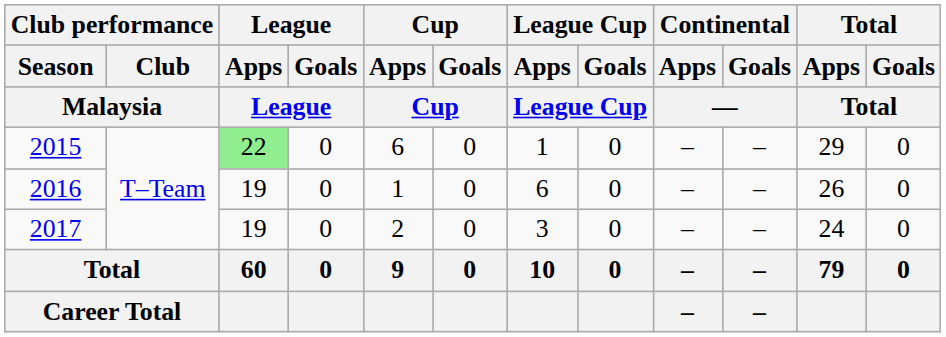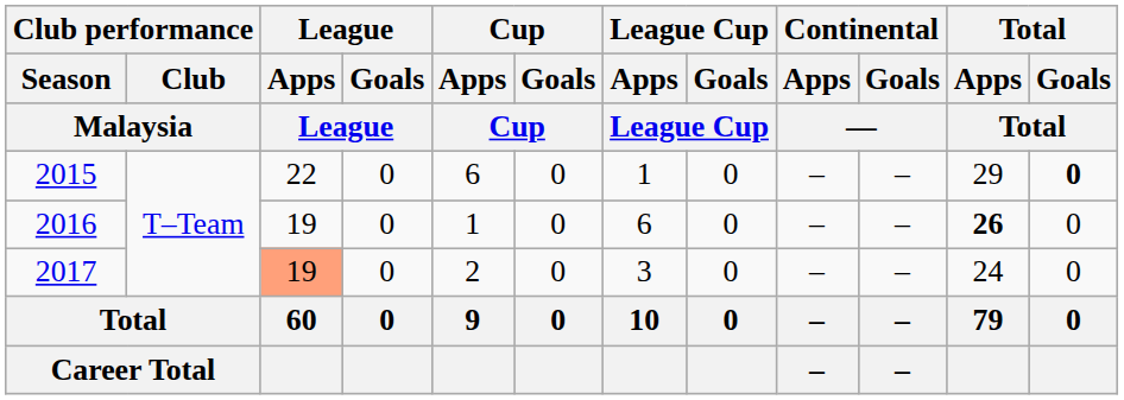 <table class="wikitable" style="text-align: center;">
 <tr>
 <th colspan="2">Club performance</th>
 <th colspan="2">League</th>
 <th colspan="2">Cup</th>
 <th colspan="2">League Cup</th>
 <th colspan="2">Continental</th>
 <th colspan="2">Total</th>
 </tr>
 <tr>
 <th>Season</th>
 <th>Club</th>
 <th>Apps</th>
 <th>Goals</th>
 <th>Apps</th>
 <th>Goals</th>
 <th>Apps</th>
 <th>Goals</th>
 <th>Apps</th>
 <th>Goals</th>
 <th>Apps</th>
 <th>Goals</th>
 </tr>
 <tr>
 <th colspan="2">Malaysia</th>
 <th colspan="2"><a href='#'>League</a></th>
 <th colspan="2"><a href='#'>Cup</a></th>
 <th colspan="2"><a href='#'>League Cup</a></th>
 <th colspan="2">—</th>
 <th colspan="2">Total</th>
 </tr>
 <tr>
 <td><a href='#'>2015</a></td>
 <td rowspan="3"><a href='#'>T–Team</a></td>
-<td style="background: lightgreen;">22</td>
+<td>22</td>
 <td>0</td>
 <td>6</td>
 <td>0</td>
 <td>1</td>
 <td>0</td>
 <td>–</td>
 <td>–</td>
 <td>29</td>
-<td>0</td>
+<td><strong>0</strong></td>
 </tr>
 <tr>
 <td><a href='#'>2016</a></td>
 <td>19</td>
 <td>0</td>
 <td>1</td>
 <td>0</td>
 <td>6</td>
 <td>0</td>
 <td>–</td>
 <td>–</td>
-<td>26</td>
+<td><strong>26</strong></td>
 <td>0</td>
 </tr>
 <tr>
 <td><a href='#'>2017</a></td>
-<td>19</td>
+<td style="background: lightsalmon;">19</td>
 <td>0</td>
 <td>2</td>
 <td>0</td>
 <td>3</td>
 <td>0</td>
 <td>–</td>
 <td>–</td>
 <td>24</td>
 <td>0</td>
 </tr>
 <tr>
 <th colspan="2">Total</th>
 <th>60</th>
 <th>0</th>
 <th>9</th>
 <th>0</th>
 <th>10</th>
 <th>0</th>
 <th>–</th>
 <th>–</th>
 <th>79</th>
 <th>0</th>
 </tr>
 <tr>
 <th colspan="2">Career Total</th>
 <th></th>
 <th></th>
 <th></th>
 <th></th>
 <th></th>
 <th></th>
 <th>–</th>
 <th>–</th>
 <th></th>
 <th></th>
 </tr>
 </table>
